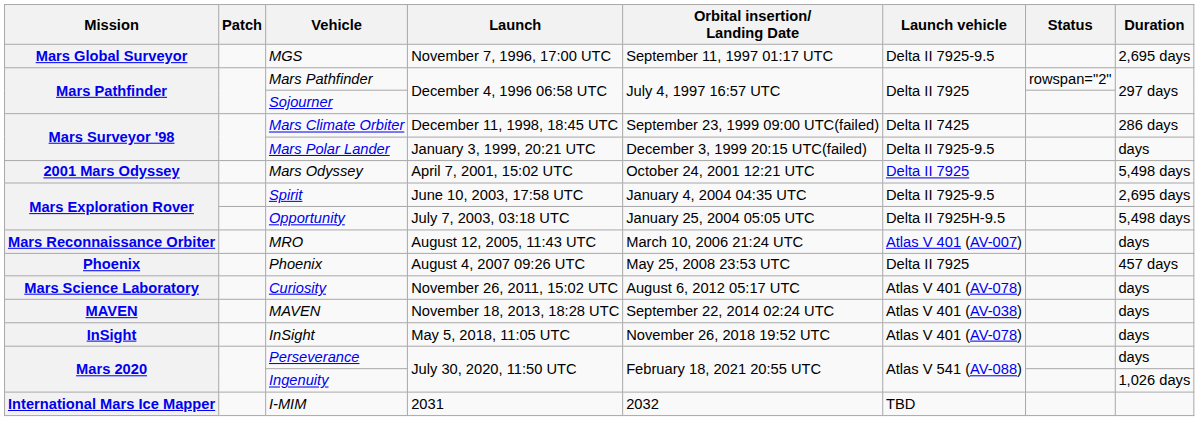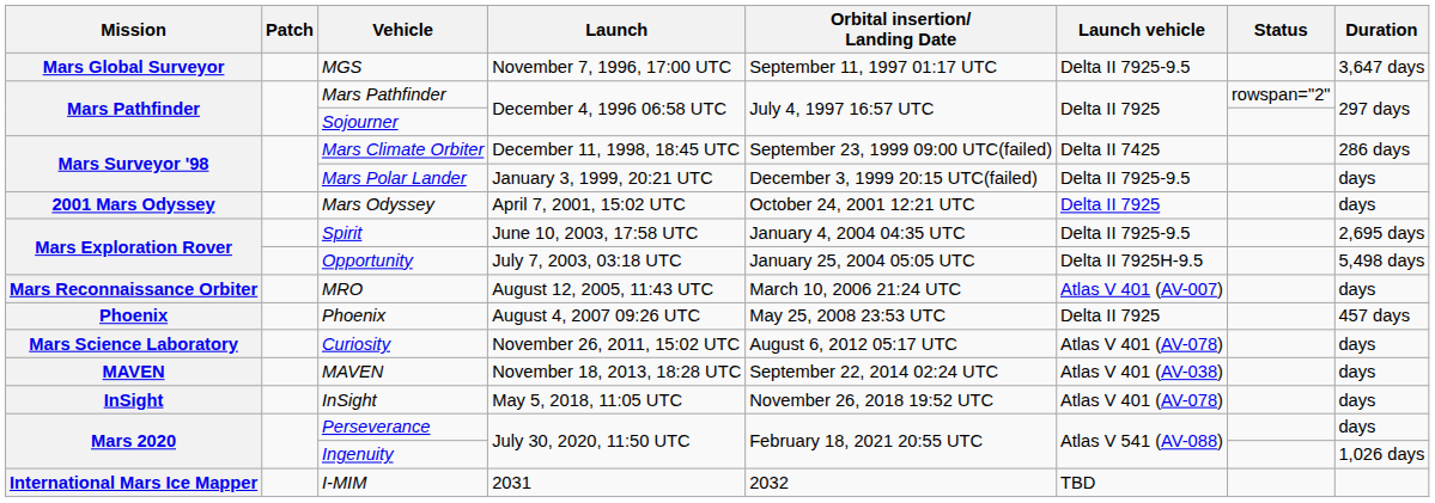 <table class="wikitable sortable" style="font-size:90%">
 <tr>
 <th scope="col">Mission</th>
 <th scope="col" class="unsortable">Patch</th>
 <th scope="col">Vehicle</th>
 <th scope="col">Launch</th>
 <th scope="col">Orbital insertion/<br>Landing Date</th>
 <th scope="col">Launch vehicle</th>
 <th scope="col">Status</th>
 <th scope="col">Duration</th>
 </tr>
 <tr>
 <th scope="row"><a href='#'>Mars Global Surveyor</a></th>
 <td></td>
 <td><em>MGS</em></td>
 <td data-sort-value="01">November 7, 1996, 17:00 UTC</td>
 <td>September 11, 1997 01:17 UTC</td>
 <td>Delta II 7925-9.5</td>
 <td></td>
-<td data-sort-value="06">2,695 days</td>
+<td data-sort-value="04">3,647 days</td>
 </tr>
 <tr>
 <th scope="row" rowspan="2"><a href='#'>Mars Pathfinder</a></th>
 <td rowspan="2"></td>
 <td><em>Mars Pathfinder</em></td>
 <td data-sort-value="01" rowspan="2">December 4, 1996 06:58 UTC</td>
 <td rowspan="2">July 4, 1997 16:57 UTC</td>
 <td rowspan="2">Delta II 7925</td>
 <td>rowspan="2" </td>
 <td rowspan="2">297 days</td>
 </tr>
 <tr>
 <td><em><a href='#'>Sojourner</a></em></td>
 </tr>
 <tr>
 <th scope="row" rowspan="2"><a href='#'>Mars Surveyor '98</a></th>
 <td rowspan="2"></td>
 <td><em><a href='#'>Mars Climate Orbiter</a></em></td>
 <td data-sort-value="02">December 11, 1998, 18:45 UTC</td>
 <td>September 23, 1999 09:00 UTC(failed)</td>
 <td>Delta II 7425</td>
 <td></td>
 <td data-sort-value="10">286 days</td>
 </tr>
 <tr>
 <td><em><a href='#'>Mars Polar Lander</a></em></td>
 <td data-sort-value="03">January 3, 1999, 20:21 UTC</td>
 <td>December 3, 1999 20:15 UTC(failed)</td>
 <td>Delta II 7925-9.5</td>
 <td></td>
 <td data-sort-value="05"> days</td>
 </tr>
 <tr>
 <th scope="row"><a href='#'>2001 Mars Odyssey</a></th>
 <td></td>
 <td><em>Mars Odyssey</em></td>
 <td data-sort-value="04">April 7, 2001, 15:02 UTC</td>
 <td>October 24, 2001 12:21 UTC</td>
 <td><a href='#'>Delta II 7925</a></td>
 <td></td>
-<td data-sort-value="02">5,498 days</td>
+<td data-sort-value="01"> days</td>
 </tr>
 <tr>
 <th scope="row" rowspan="2"><a href='#'>Mars Exploration Rover</a></th>
 <td></td>
 <td><em><a href='#'>Spirit</a></em></td>
 <td data-sort-value="05">June 10, 2003, 17:58 UTC</td>
 <td>January 4, 2004 04:35 UTC</td>
 <td>Delta II 7925-9.5</td>
 <td></td>
 <td data-sort-value="06">2,695 days</td>
 </tr>
 <tr>
 <td></td>
 <td><em><a href='#'>Opportunity</a></em></td>
 <td data-sort-value="06">July 7, 2003, 03:18 UTC</td>
 <td>January 25, 2004 05:05 UTC</td>
 <td>Delta II 7925H-9.5</td>
 <td></td>
 <td data-sort-value="02">5,498 days</td>
 </tr>
 <tr>
 <th scope="row"><a href='#'>Mars Reconnaissance Orbiter</a></th>
 <td></td>
 <td><em>MRO</em></td>
 <td data-sort-value="07">August 12, 2005, 11:43 UTC</td>
 <td>March 10, 2006 21:24 UTC</td>
 <td><a href='#'>Atlas V 401</a> (<a href='#'>AV-007</a>)</td>
 <td></td>
 <td data-sort-value="03"> days</td>
 </tr>
 <tr>
 <th scope="row"><a href='#'>Phoenix</a></th>
 <td></td>
 <td><em>Phoenix</em></td>
 <td data-sort-value="08">August 4, 2007 09:26 UTC</td>
 <td>May 25, 2008 23:53 UTC</td>
 <td>Delta II 7925</td>
 <td></td>
 <td data-sort-value="08">457 days</td>
 </tr>
 <tr>
 <th scope="row"><a href='#'>Mars Science Laboratory</a></th>
 <td></td>
 <td><em><a href='#'>Curiosity</a></em></td>
 <td data-sort-value="09">November 26, 2011, 15:02 UTC</td>
 <td>August 6, 2012 05:17 UTC</td>
 <td>Atlas V 401 (<a href='#'>AV-078</a>)</td>
 <td></td>
 <td data-sort-value="05"> days</td>
 </tr>
 <tr>
 <th scope="row"><a href='#'>MAVEN</a></th>
 <td></td>
 <td><em>MAVEN</em></td>
 <td data-sort-value="10">November 18, 2013, 18:28 UTC</td>
 <td>September 22, 2014 02:24 UTC</td>
 <td>Atlas V 401 (<a href='#'>AV-038</a>)</td>
 <td></td>
 <td data-sort-value="07"> days</td>
 </tr>
 <tr>
 <th scope="row"><a href='#'>InSight</a></th>
 <td></td>
 <td><em>InSight</em></td>
 <td>May 5, 2018, 11:05 UTC</td>
 <td>November 26, 2018 19:52 UTC</td>
 <td>Atlas V 401 (<a href='#'>AV-078</a>)</td>
 <td></td>
 <td data-sort-value="07"> days</td>
 </tr>
 <tr>
 <th scope="row" rowspan="2"><a href='#'>Mars 2020</a></th>
 <td rowspan="2"><br><br></td>
 <td><em><a href='#'>Perseverance</a></em></td>
 <td rowspan="2" data-sort-value="11">July 30, 2020, 11:50 UTC</td>
 <td rowspan="2">February 18, 2021 20:55 UTC</td>
 <td rowspan="2">Atlas V 541 (<a href='#'>AV-088</a>)</td>
 <td></td>
 <td data-sort-value="07"> days</td>
 </tr>
 <tr>
 <td><em><a href='#'>Ingenuity</a></em></td>
 <td></td>
 <td data-sort-value="07">1,026 days</td>
 </tr>
 <tr>
 <th scope="row" rowspan="2"><a href='#'>International Mars Ice Mapper</a></th>
 <td rowspan="2"></td>
 <td><em>I-MIM</em></td>
 <td data-sort-value="05">2031</td>
 <td>2032</td>
 <td>TBD</td>
 <td></td>
 <td></td>
 </tr>
 </table>
